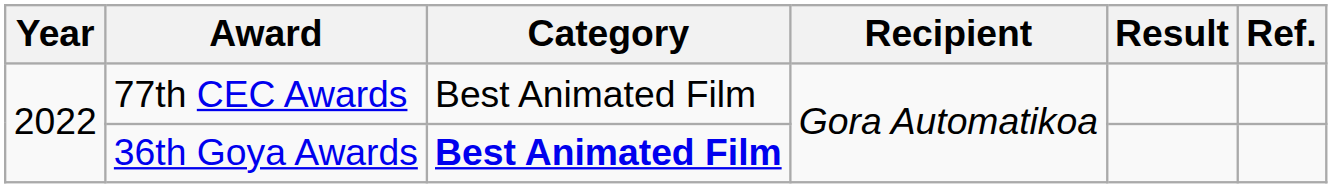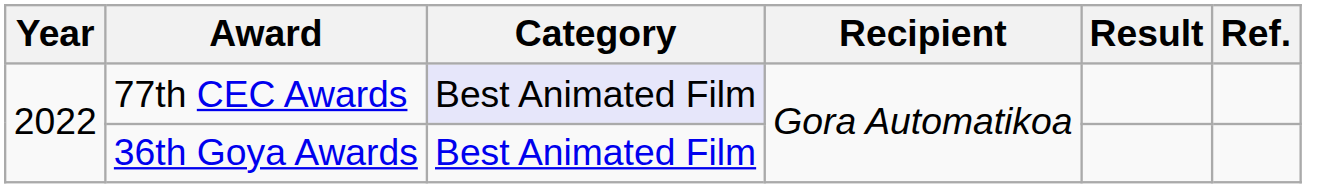 <table class="wikitable">
 <tr>
 <th>Year</th>
 <th>Award</th>
 <th>Category</th>
 <th>Recipient</th>
 <th>Result</th>
 <th>Ref.</th>
 </tr>
 <tr>
 <td rowspan="2">2022</td>
 <td>77th <a href='#'>CEC Awards</a></td>
-<td>Best Animated Film</td>
+<td style="background: lavender;">Best Animated Film</td>
 <td rowspan="2"><em>Gora Automatikoa</em></td>
 <td></td>
 <td></td>
 </tr>
 <tr>
 <td><a href='#'>36th Goya Awards</a></td>
-<td><strong><a href='#'>Best Animated Film</a></strong></td>
+<td><a href='#'>Best Animated Film</a></td>
 <td></td>
 <td></td>
 </tr>
 </table>
